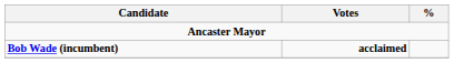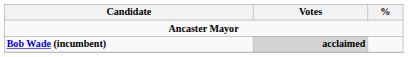 <table class="wikitable" width="40%">
 <tr>
 <th>Candidate</th>
 <th>Votes</th>
 <th>%</th>
 </tr>
 <tr>
 <td colspan="3" align="center"><strong>Ancaster Mayor</strong></td>
 </tr>
 <tr>
 <td align="left"><strong> <a href='#'>Bob Wade</a> (incumbent)</strong></td>
-<td align="right"><strong>acclaimed</strong></td>
+<td align="right" style="background: lightgrey;"><strong>acclaimed</strong></td>
 <td align="right"></td>
 </tr>
 <tr>
 </tr>
 </table>
